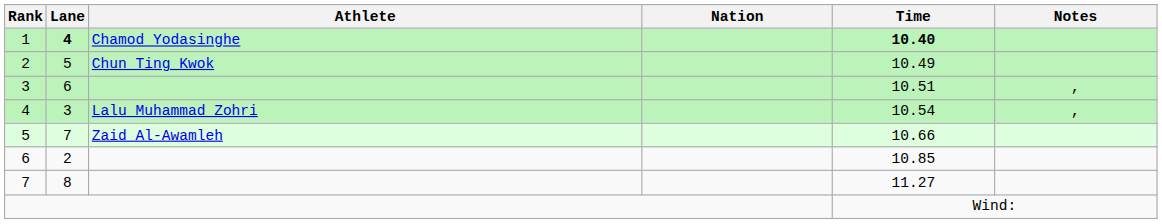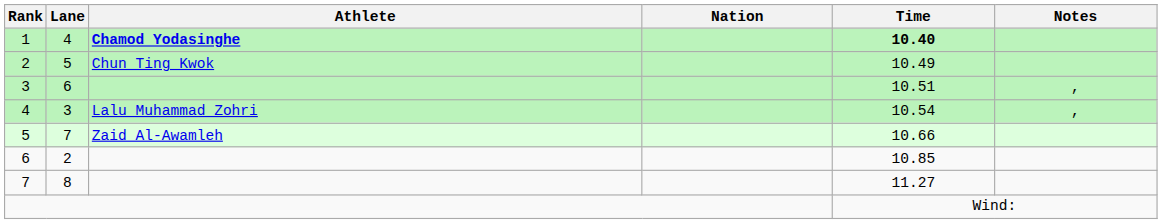 <table class="wikitable sortable" style="text-align:center;width: 65%;">
 <tr>
 <th scope="col" style="width: 10px;">Rank</th>
 <th scope="col" style="width: 10px;">Lane</th>
 <th scope="col">Athlete</th>
 <th scope="col">Nation</th>
 <th scope="col">Time</th>
 <th scope="col">Notes</th>
 </tr>
 <tr bgcolor=bbf3bb>
 <td>1</td>
-<td><strong>4</strong></td>
-<td align="left"><a href='#'>Chamod Yodasinghe</a></td>
+<td>4</td>
+<td align="left"><strong><a href='#'>Chamod Yodasinghe</a></strong></td>
 <td align="left"></td>
 <td><strong>10.40</strong></td>
 <td></td>
 </tr>
 <tr bgcolor=bbf3bb>
 <td>2</td>
 <td>5</td>
 <td align="left"><a href='#'>Chun Ting Kwok</a></td>
 <td align="left"></td>
 <td>10.49</td>
 <td></td>
 </tr>
 <tr bgcolor=bbf3bb>
 <td>3</td>
 <td>6</td>
 <td align="left"></td>
 <td align="left"></td>
 <td>10.51</td>
 <td>, </td>
 </tr>
 <tr bgcolor=bbf3bb>
 <td>4</td>
 <td>3</td>
 <td align="left"><a href='#'>Lalu Muhammad Zohri</a></td>
 <td align="left"></td>
 <td>10.54</td>
 <td>, </td>
 </tr>
 <tr bgcolor=ddffdd>
 <td>5</td>
 <td>7</td>
 <td align="left"><a href='#'>Zaid Al-Awamleh</a></td>
 <td align="left"></td>
 <td>10.66</td>
 <td></td>
 </tr>
 <tr>
 <td>6</td>
 <td>2</td>
 <td align="left"></td>
 <td align="left"></td>
 <td>10.85</td>
 <td></td>
 </tr>
 <tr>
 <td>7</td>
 <td>8</td>
 <td align=left></td>
 <td align=left></td>
 <td>11.27</td>
 <td></td>
 </tr>
 <tr class="sortbottom">
 <td colspan="4"></td>
 <td colspan="2">Wind: </td>
 </tr>
 </table>
